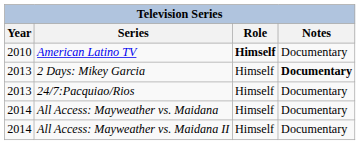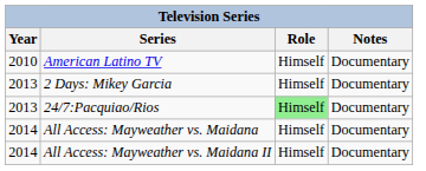 <table class="wikitable">
 <tr style="background:#ccc; text-align:center;">
 <th colspan="4" style="background: LightSteelBlue;">Television Series</th>
 </tr>
 <tr style="background:#ccc; text-align:center;">
 <th>Year</th>
 <th>Series</th>
 <th>Role</th>
 <th>Notes</th>
 </tr>
 <tr>
 <td>2010</td>
 <td><em><a href='#'>American Latino TV</a></em></td>
-<td><strong>Himself</strong></td>
+<td>Himself</td>
 <td>Documentary</td>
 </tr>
 <tr>
 <td>2013</td>
 <td><em>2 Days: Mikey Garcia</em></td>
 <td>Himself</td>
-<td><strong>Documentary</strong></td>
+<td>Documentary</td>
 </tr>
 <tr>
 <td>2013</td>
 <td><em>24/7:Pacquiao/Rios</em></td>
-<td>Himself</td>
+<td style="background: lightgreen;">Himself</td>
 <td>Documentary</td>
 </tr>
 <tr>
 <td>2014</td>
 <td><em>All Access: Mayweather vs. Maidana</em></td>
 <td>Himself</td>
 <td>Documentary</td>
 </tr>
 <tr>
 <td>2014</td>
 <td><em>All Access: Mayweather vs. Maidana II</em></td>
 <td>Himself</td>
 <td>Documentary</td>
 </tr>
 </table>
